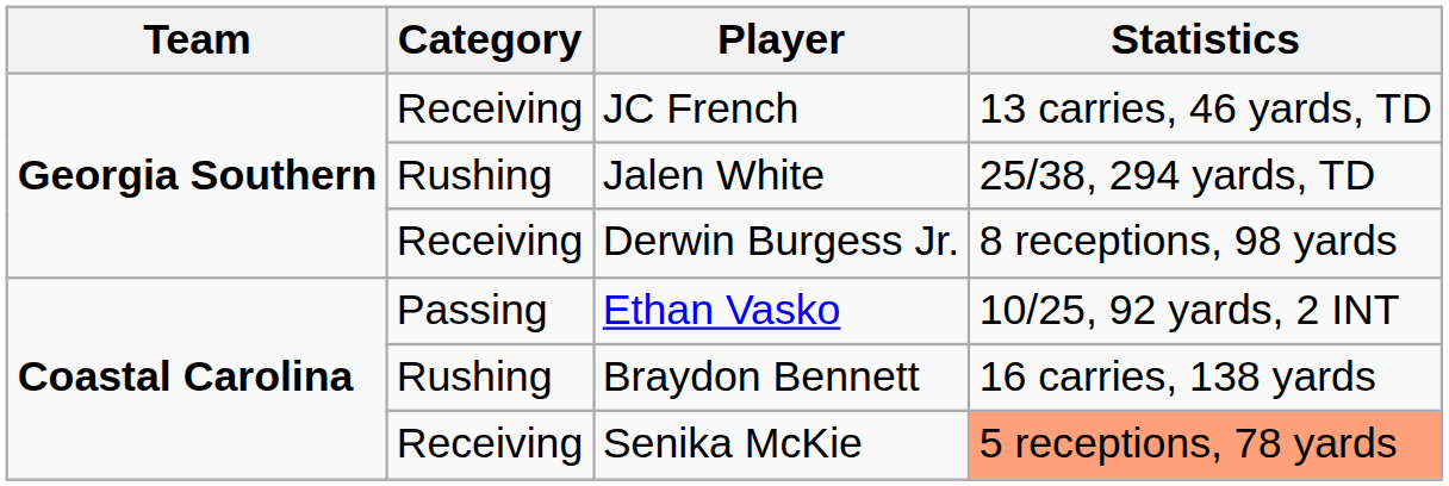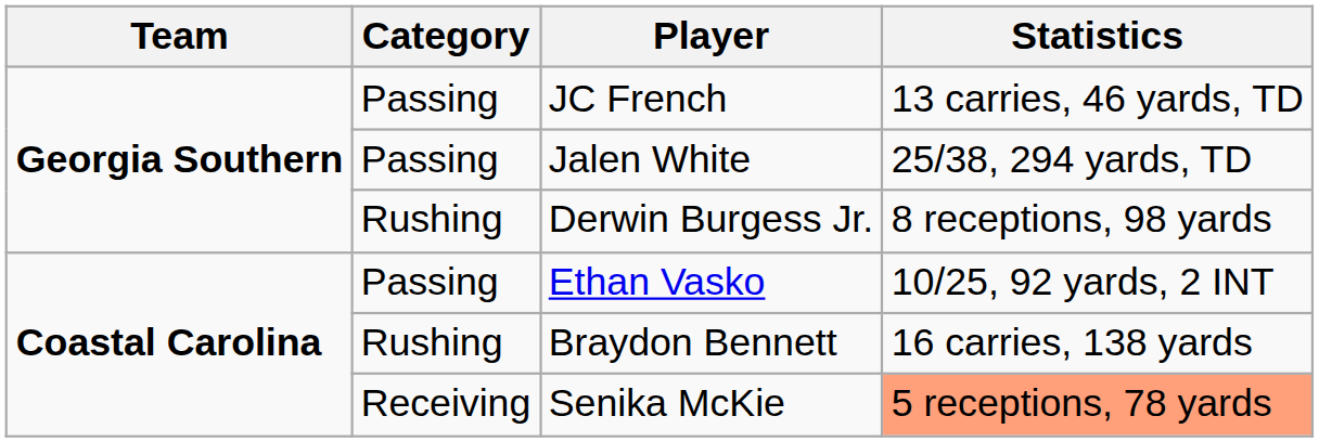 <table class="wikitable" style="float: right;">
 <tr>
 <th>Team</th>
 <th>Category</th>
 <th>Player</th>
 <th>Statistics</th>
 </tr>
 <tr>
 <td rowspan=3><strong>Georgia Southern</strong></td>
-<td>Receiving</td>
+<td>Passing</td>
 <td>JC French</td>
 <td>13 carries, 46 yards, TD</td>
 </tr>
 <tr>
-<td>Rushing</td>
+<td>Passing</td>
 <td>Jalen White</td>
 <td>25/38, 294 yards, TD</td>
 </tr>
 <tr>
-<td>Receiving</td>
+<td>Rushing</td>
 <td>Derwin Burgess Jr.</td>
 <td>8 receptions, 98 yards</td>
 </tr>
 <tr>
 <td rowspan=3><strong>Coastal Carolina</strong></td>
 <td>Passing</td>
 <td><a href='#'>Ethan Vasko</a></td>
 <td>10/25, 92 yards, 2 INT</td>
 </tr>
 <tr>
 <td>Rushing</td>
 <td>Braydon Bennett</td>
 <td>16 carries, 138 yards</td>
 </tr>
 <tr>
 <td>Receiving</td>
 <td>Senika McKie</td>
 <td style="background: lightsalmon;">5 receptions, 78 yards</td>
 </tr>
 </table>
